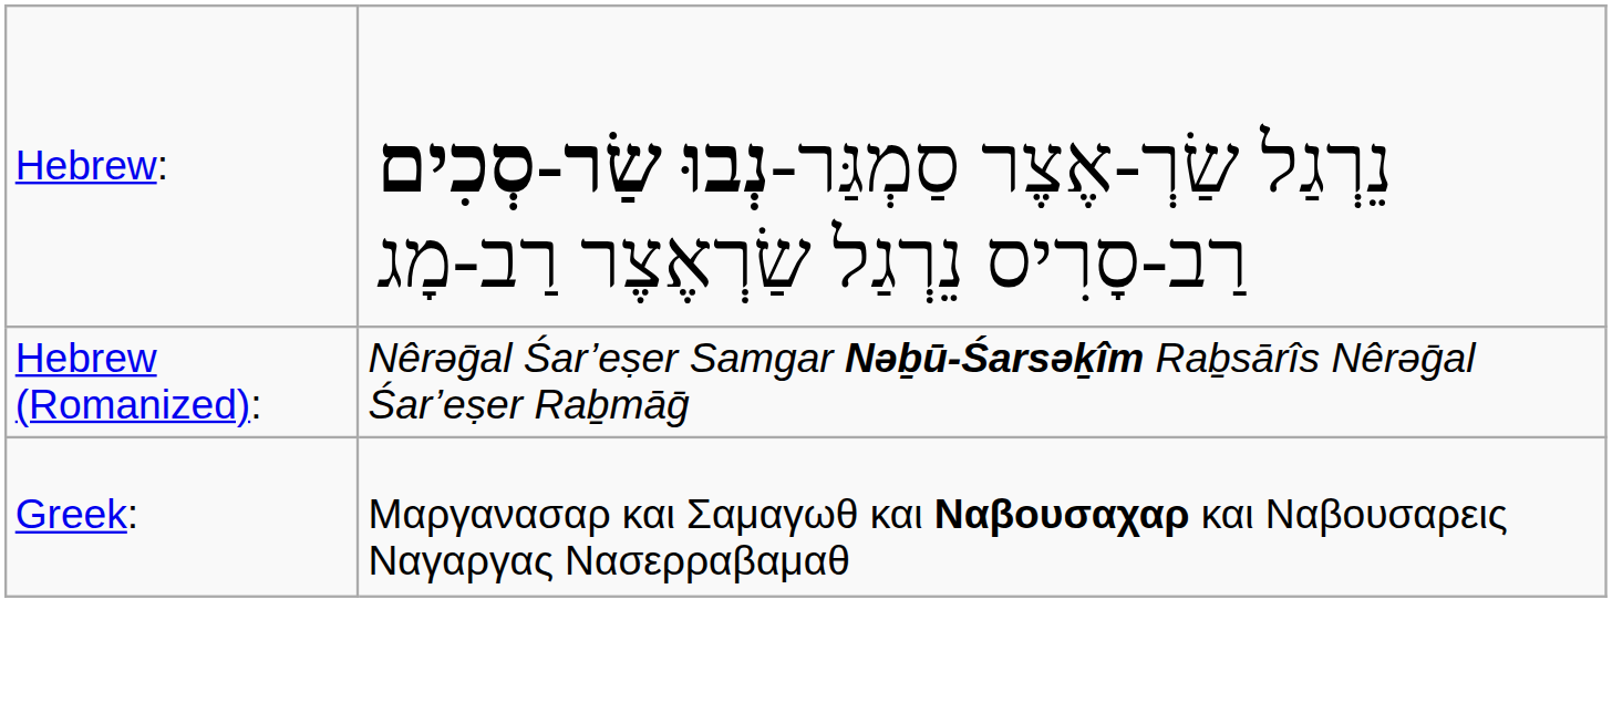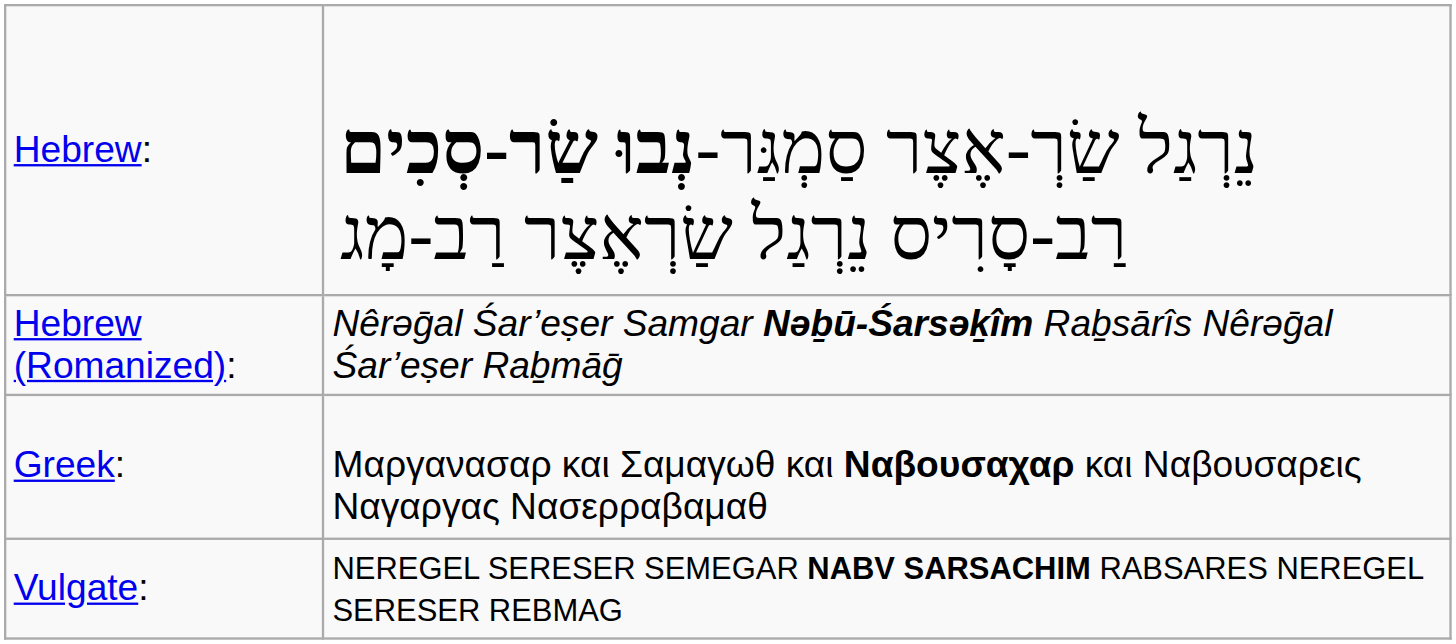 <table border="1" class="wikitable" style="margin: 1em auto 1em auto">
 <tr>
 <td><a href='#'>Hebrew</a>:</td>
 <td style="font-size:200%;font-family:'SBL Hebrew', David, Narkisim, 'Times New Roman'"><br>נֵרְגַל שַׂרְ-אֶצֶר סַמְגַּר-<strong>נְבוּ שַׂר-סְכִים</strong> רַב-סָרִיס נֵרְגַל שַׂרְאֶצֶר רַב-מָג</td>
 </tr>
 <tr>
 <td><a href='#'>Hebrew (Romanized)</a>:</td>
 <td><em>Nêrəḡal Śar’eṣer Samgar <strong>Nəḇū-Śarsəḵîm</strong> Raḇsārîs Nêrəḡal Śar’eṣer Raḇmāḡ</em></td>
 </tr>
 <tr>
 <td><a href='#'>Greek</a>:</td>
 <td><br>Μαργανασαρ και Σαμαγωθ και <strong>Ναβουσαχαρ</strong> και Ναβουσαρεις Ναγαργας Νασερραβαμαθ</td>
 </tr>
+<tr>
+<td><a href='#'>Vulgate</a>:</td>
+<td><small>NEREGEL SERESER SEMEGAR <strong>NABV SARSACHIM</strong> RABSARES NEREGEL SERESER REBMAG</small></td>
+</tr>
 </table>
